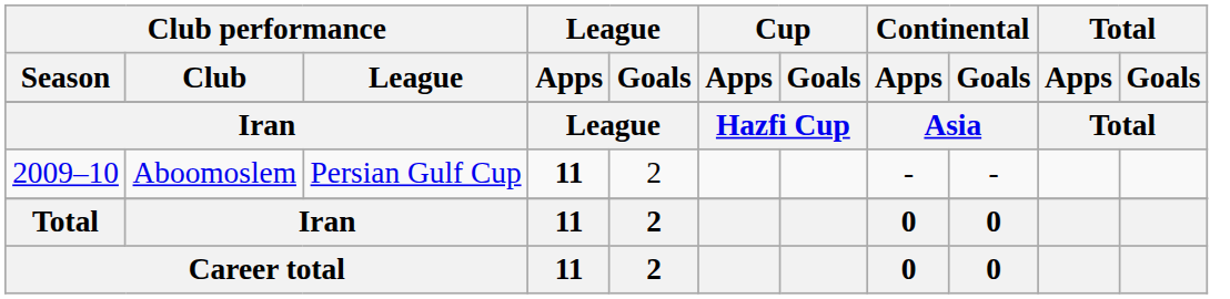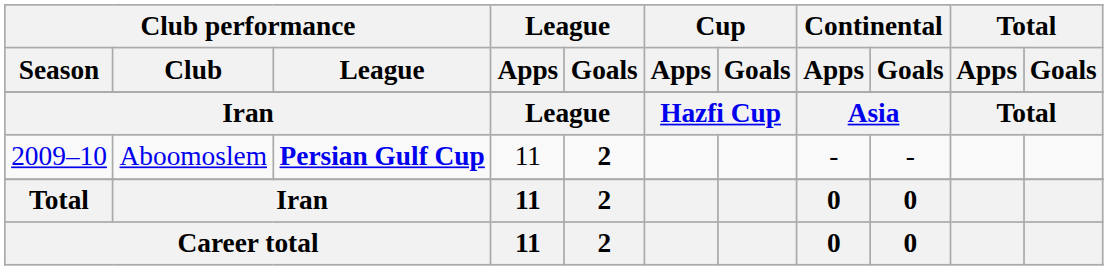 <table class="wikitable" style="text-align:center">
 <tr>
 <th colspan=3>Club performance</th>
 <th colspan=2>League</th>
 <th colspan=2>Cup</th>
 <th colspan=2>Continental</th>
 <th colspan=2>Total</th>
 </tr>
 <tr>
 <th>Season</th>
 <th>Club</th>
 <th>League</th>
 <th>Apps</th>
 <th>Goals</th>
 <th>Apps</th>
 <th>Goals</th>
 <th>Apps</th>
 <th>Goals</th>
 <th>Apps</th>
 <th>Goals</th>
 </tr>
 <tr>
 </tr>
 <tr>
 <th colspan=3>Iran</th>
 <th colspan=2>League</th>
 <th colspan=2><a href='#'>Hazfi Cup</a></th>
 <th colspan=2><a href='#'>Asia</a></th>
 <th colspan=2>Total</th>
 </tr>
 <tr>
 <td><a href='#'>2009–10</a></td>
 <td rowspan="1"><a href='#'>Aboomoslem</a></td>
-<td rowspan="1"><a href='#'>Persian Gulf Cup</a></td>
-<td><strong>11</strong></td>
-<td>2</td>
+<td rowspan="1"><strong><a href='#'>Persian Gulf Cup</a></strong></td>
+<td>11</td>
+<td><strong>2</strong></td>
 <td></td>
 <td></td>
 <td>-</td>
 <td>-</td>
 <td></td>
 <td></td>
 </tr>
 <tr>
 </tr>
 <tr>
 <th rowspan=1>Total</th>
 <th colspan=2>Iran</th>
 <th>11</th>
 <th>2</th>
 <th></th>
 <th></th>
 <th>0</th>
 <th>0</th>
 <th></th>
 <th></th>
 </tr>
 <tr>
 <th colspan=3>Career total</th>
 <th>11</th>
 <th>2</th>
 <th></th>
 <th></th>
 <th>0</th>
 <th>0</th>
 <th></th>
 <th></th>
 </tr>
 </table>
